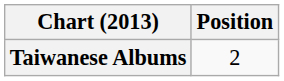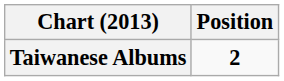 <table class="wikitable plainrowheaders">
 <tr>
 <th>Chart (2013)</th>
 <th>Position</th>
 </tr>
 <tr>
 <th scope="row">Taiwanese Albums</th>
-<td style="text-align:center;">2</td>
+<td style="text-align:center;"><strong>2</strong></td>
 </tr>
 </table>
